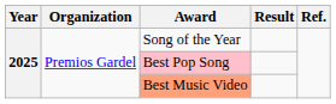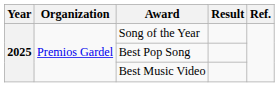 <table class="wikitable plainrowheaders">
 <tr>
 <th>Year</th>
 <th>Organization</th>
 <th>Award</th>
 <th>Result</th>
 <th>Ref.</th>
 </tr>
 <tr>
 <th rowspan="3" scope="row">2025</th>
 <td rowspan="3"><a href='#'>Premios Gardel</a></td>
 <td>Song of the Year</td>
 <td></td>
 <td rowspan="3"></td>
 </tr>
 <tr>
-<td style="background: pink;">Best Pop Song</td>
+<td>Best Pop Song</td>
 <td></td>
 </tr>
 <tr>
-<td style="background: lightsalmon;">Best Music Video</td>
+<td>Best Music Video</td>
 <td></td>
 </tr>
 </table>
